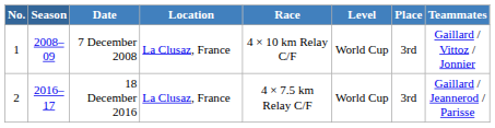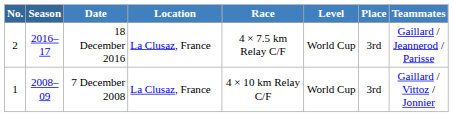 <table class="wikitable sortable" style="font-size:95%; text-align:center; border:grey solid 1px; border-collapse:collapse; background:#ffffff;">
 <tr style="background:#efefef;">
 <th style="background-color:#369; color:white;">No.</th>
 <th style="background-color:#369; color:white;">Season</th>
 <th style="background-color:#4180be; color:white; width:100px;">Date</th>
 <th style="background-color:#4180be; color:white; width:190px;">Location</th>
 <th style="background-color:#4180be; color:white; width:170px;">Race</th>
 <th style="background-color:#4180be; color:white; width:100px;">Level</th>
 <th style="background-color:#4180be; color:white;">Place</th>
 <th style="background-color:#4180be; color:white;">Teammates</th>
 </tr>
 <tr>
+<td align=center>2</td>
+<td align=center><a href='#'>2016–17</a></td>
+<td align=right>18 December 2016</td>
+<td align=left> <a href='#'>La Clusaz</a>, France</td>
+<td>4 × 7.5 km Relay C/F</td>
+<td>World Cup</td>
+<td>3rd</td>
+<td><a href='#'>Gaillard</a> / <a href='#'>Jeannerod</a> / <a href='#'>Parisse</a></td>
+</tr>
+<tr>
 <td align=center>1</td>
 <td align=center><a href='#'>2008–09</a></td>
 <td align=right>7 December 2008</td>
 <td align=left> <a href='#'>La Clusaz</a>, France</td>
 <td>4 × 10 km Relay C/F</td>
 <td>World Cup</td>
 <td>3rd</td>
 <td><a href='#'>Gaillard</a> / <a href='#'>Vittoz</a> / <a href='#'>Jonnier</a></td>
 </tr>
-<tr>
-<td align=center>2</td>
-<td align=center><a href='#'>2016–17</a></td>
-<td align=right>18 December 2016</td>
-<td align=left> <a href='#'>La Clusaz</a>, France</td>
-<td>4 × 7.5 km Relay C/F</td>
-<td>World Cup</td>
-<td>3rd</td>
-<td><a href='#'>Gaillard</a> / <a href='#'>Jeannerod</a> / <a href='#'>Parisse</a></td>
-</tr>
 </table>
